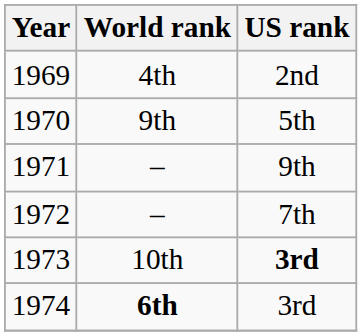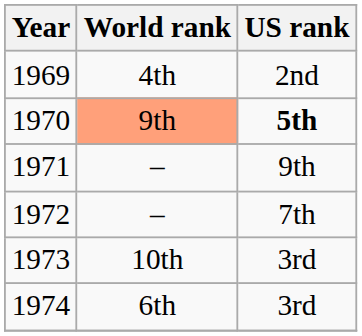 <table class=wikitable>
 <tr>
 <th>Year</th>
 <th>World rank</th>
 <th>US rank</th>
 </tr>
 <tr>
 <td>1969</td>
 <td align="center">4th</td>
 <td align="center">2nd</td>
 </tr>
 <tr>
 <td>1970</td>
-<td align="center">9th</td>
-<td align="center">5th</td>
+<td align="center" style="background: lightsalmon;">9th</td>
+<td align="center"><strong>5th</strong></td>
 </tr>
 <tr>
 <td>1971</td>
 <td align="center">–</td>
 <td align="center">9th</td>
 </tr>
 <tr>
 <td>1972</td>
 <td align="center">–</td>
 <td align="center">7th</td>
 </tr>
 <tr>
 <td>1973</td>
 <td align="center">10th</td>
-<td align="center"><strong>3rd</strong></td>
+<td align="center">3rd</td>
 </tr>
 <tr>
 <td>1974</td>
-<td align="center"><strong>6th</strong></td>
+<td align="center">6th</td>
 <td align="center">3rd</td>
 </tr>
 <tr>
 </tr>
 </table>
